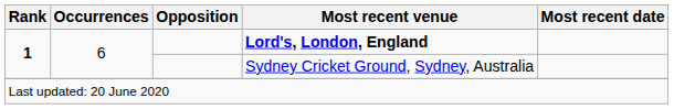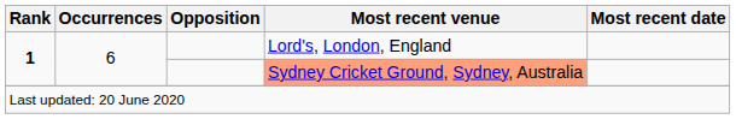 <table class="wikitable plainrowheaders sortable">
 <tr>
 <th scope=col>Rank</th>
 <th scope=col>Occurrences</th>
 <th scope=col>Opposition</th>
 <th scope=col>Most recent venue</th>
 <th scope=col>Most recent date</th>
 </tr>
 <tr>
 <td align=center rowspan=2><strong>1</strong></td>
 <td align=center rowspan=2>6</td>
 <td></td>
-<td><strong><a href='#'>Lord's</a>, <a href='#'>London</a>, England</strong></td>
+<td><a href='#'>Lord's</a>, <a href='#'>London</a>, England</td>
 <td></td>
 </tr>
 <tr>
 <td></td>
-<td><a href='#'>Sydney Cricket Ground</a>, <a href='#'>Sydney</a>, Australia</td>
+<td style="background: lightsalmon;"><a href='#'>Sydney Cricket Ground</a>, <a href='#'>Sydney</a>, Australia</td>
 <td></td>
 </tr>
 <tr>
 </tr>
 <tr class=sortbottom>
 <td colspan=5><small>Last updated: 20 June 2020</small></td>
 </tr>
 </table>
